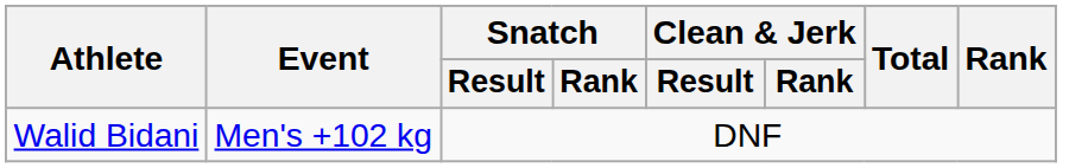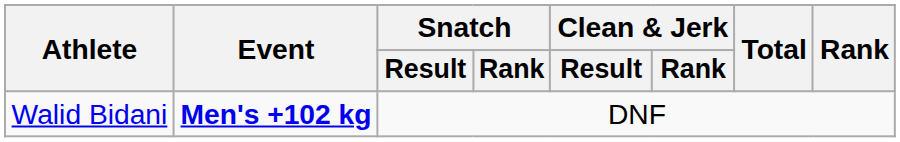 <table class="wikitable" style="font-size:90%">
 <tr>
 <th rowspan="2">Athlete</th>
 <th rowspan="2">Event</th>
 <th colspan="2">Snatch</th>
 <th colspan="2">Clean & Jerk</th>
 <th rowspan="2">Total</th>
 <th rowspan="2">Rank</th>
 </tr>
 <tr style="font-size:95%">
 <th>Result</th>
 <th>Rank</th>
 <th>Result</th>
 <th>Rank</th>
 </tr>
 <tr align=center>
 <td align=left><a href='#'>Walid Bidani</a></td>
-<td align=left><a href='#'>Men's +102 kg</a></td>
+<td align=left><strong><a href='#'>Men's +102 kg</a></strong></td>
 <td colspan="6">DNF</td>
 </tr>
 </table>
